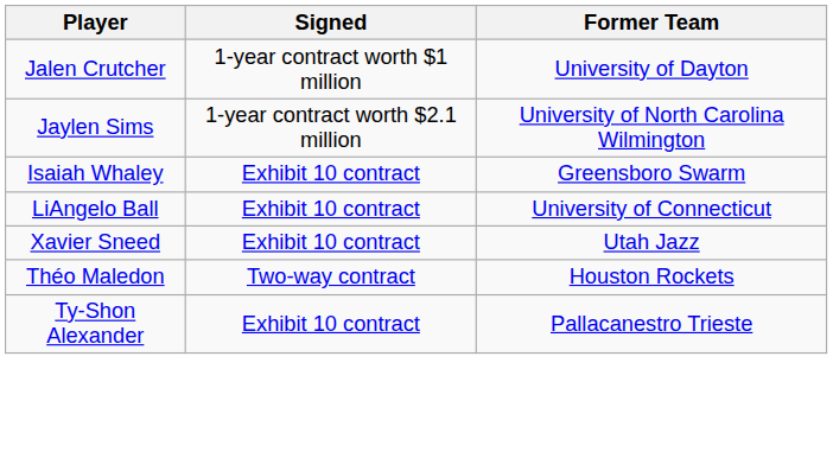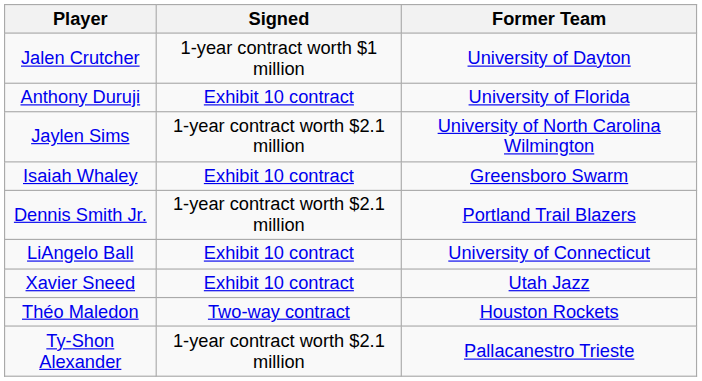 <table class="wikitable sortable sortable" style="text-align: center">
 <tr>
 <th>Player</th>
 <th>Signed</th>
 <th>Former Team</th>
 </tr>
 <tr style="text-align: center">
 <td><a href='#'>Jalen Crutcher</a></td>
 <td>1-year contract worth $1 million</td>
 <td><a href='#'>University of Dayton</a></td>
 </tr>
 <tr style="text-align: center">
+<td><a href='#'>Anthony Duruji</a></td>
+<td><a href='#'>Exhibit 10 contract</a></td>
+<td><a href='#'>University of Florida</a></td>
+</tr>
+<tr style="text-align: center">
 <td><a href='#'>Jaylen Sims</a></td>
 <td>1-year contract worth $2.1 million</td>
 <td><a href='#'>University of North Carolina Wilmington</a></td>
 </tr>
 <tr style="text-align: center">
 <td><a href='#'>Isaiah Whaley</a></td>
 <td><a href='#'>Exhibit 10 contract</a></td>
 <td><a href='#'>Greensboro Swarm</a></td>
+</tr>
+<tr style="text-align: center">
+<td><a href='#'>Dennis Smith Jr.</a></td>
+<td>1-year contract worth $2.1 million</td>
+<td><a href='#'>Portland Trail Blazers</a></td>
 </tr>
 <tr style="text-align: center">
 <td><a href='#'>LiAngelo Ball</a></td>
 <td><a href='#'>Exhibit 10 contract</a></td>
 <td><a href='#'>University of Connecticut</a></td>
 </tr>
 <tr style="text-align: center">
 <td><a href='#'>Xavier Sneed</a></td>
 <td><a href='#'>Exhibit 10 contract</a></td>
 <td><a href='#'>Utah Jazz</a></td>
 </tr>
 <tr style="text-align: center">
 <td><a href='#'>Théo Maledon</a></td>
 <td><a href='#'>Two-way contract</a></td>
 <td><a href='#'>Houston Rockets</a></td>
 </tr>
 <tr style="text-align: center">
 <td><a href='#'>Ty-Shon Alexander</a></td>
-<td><a href='#'>Exhibit 10 contract</a></td>
+<td>1-year contract worth $2.1 million</td>
 <td> <a href='#'>Pallacanestro Trieste</a></td>
 </tr>
 </table>
